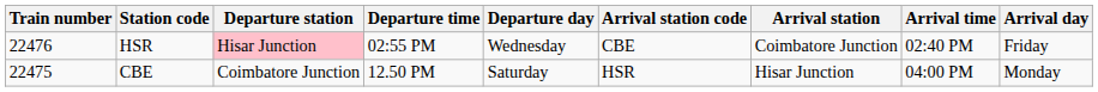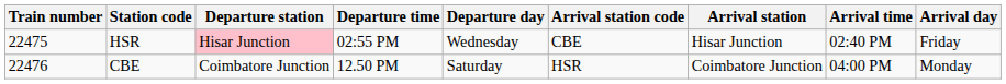 <table class="wikitable">
 <tr>
 <th>Train number</th>
 <th>Station code</th>
 <th>Departure station</th>
 <th>Departure time</th>
 <th>Departure day</th>
 <th>Arrival station code</th>
 <th>Arrival station</th>
 <th>Arrival time</th>
 <th>Arrival day</th>
 </tr>
 <tr>
-<td>22476</td>
+<td>22475</td>
 <td>HSR</td>
 <td style="background: pink;">Hisar Junction</td>
 <td>02:55 PM</td>
 <td>Wednesday</td>
 <td>CBE</td>
-<td>Coimbatore Junction</td>
+<td>Hisar Junction</td>
 <td>02:40 PM</td>
 <td>Friday</td>
 </tr>
 <tr>
-<td>22475</td>
+<td>22476</td>
 <td>CBE</td>
 <td>Coimbatore Junction</td>
 <td>12.50 PM</td>
 <td>Saturday</td>
 <td>HSR</td>
-<td>Hisar Junction</td>
+<td>Coimbatore Junction</td>
 <td>04:00 PM</td>
 <td>Monday</td>
 </tr>
 </table>
